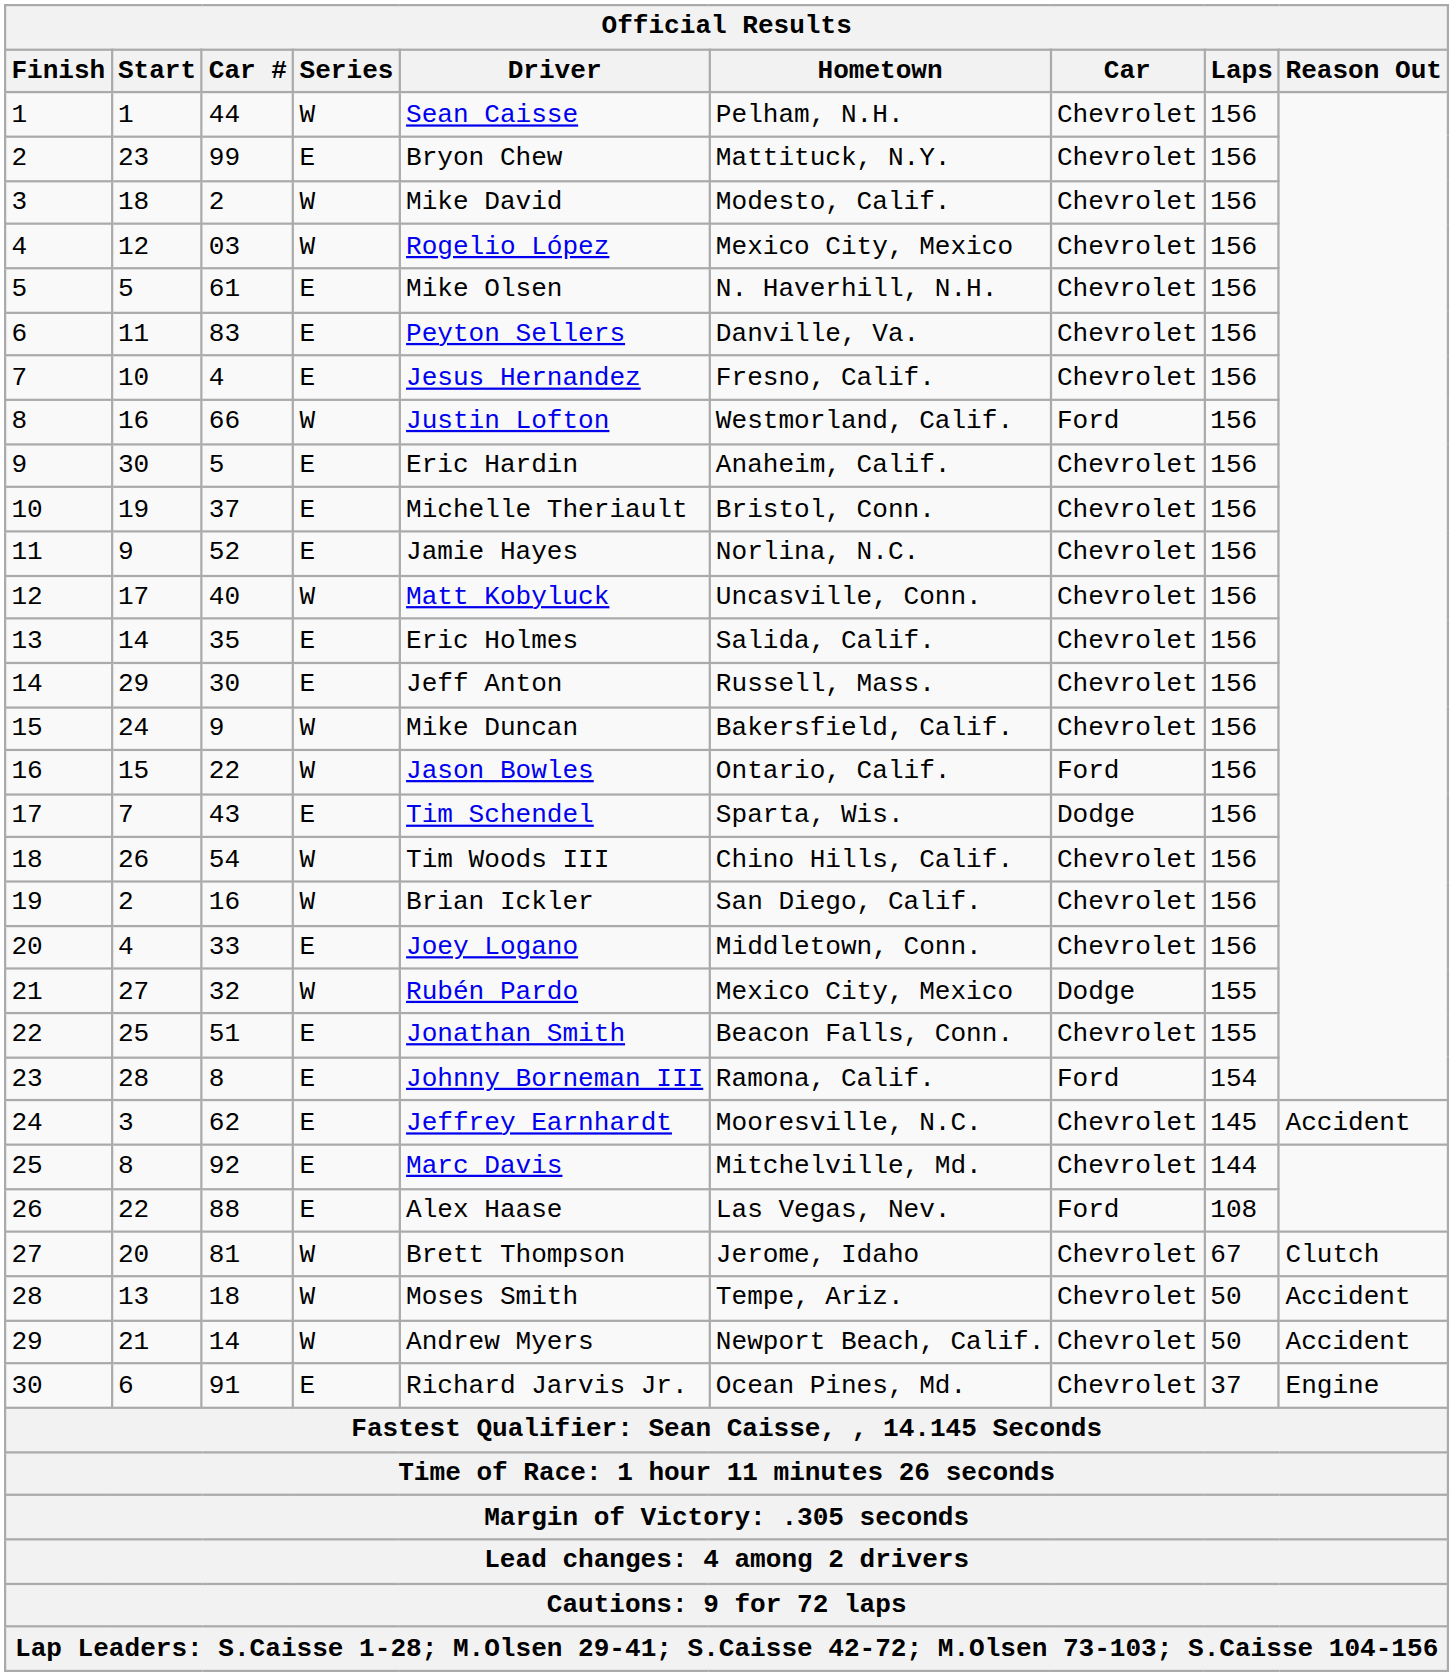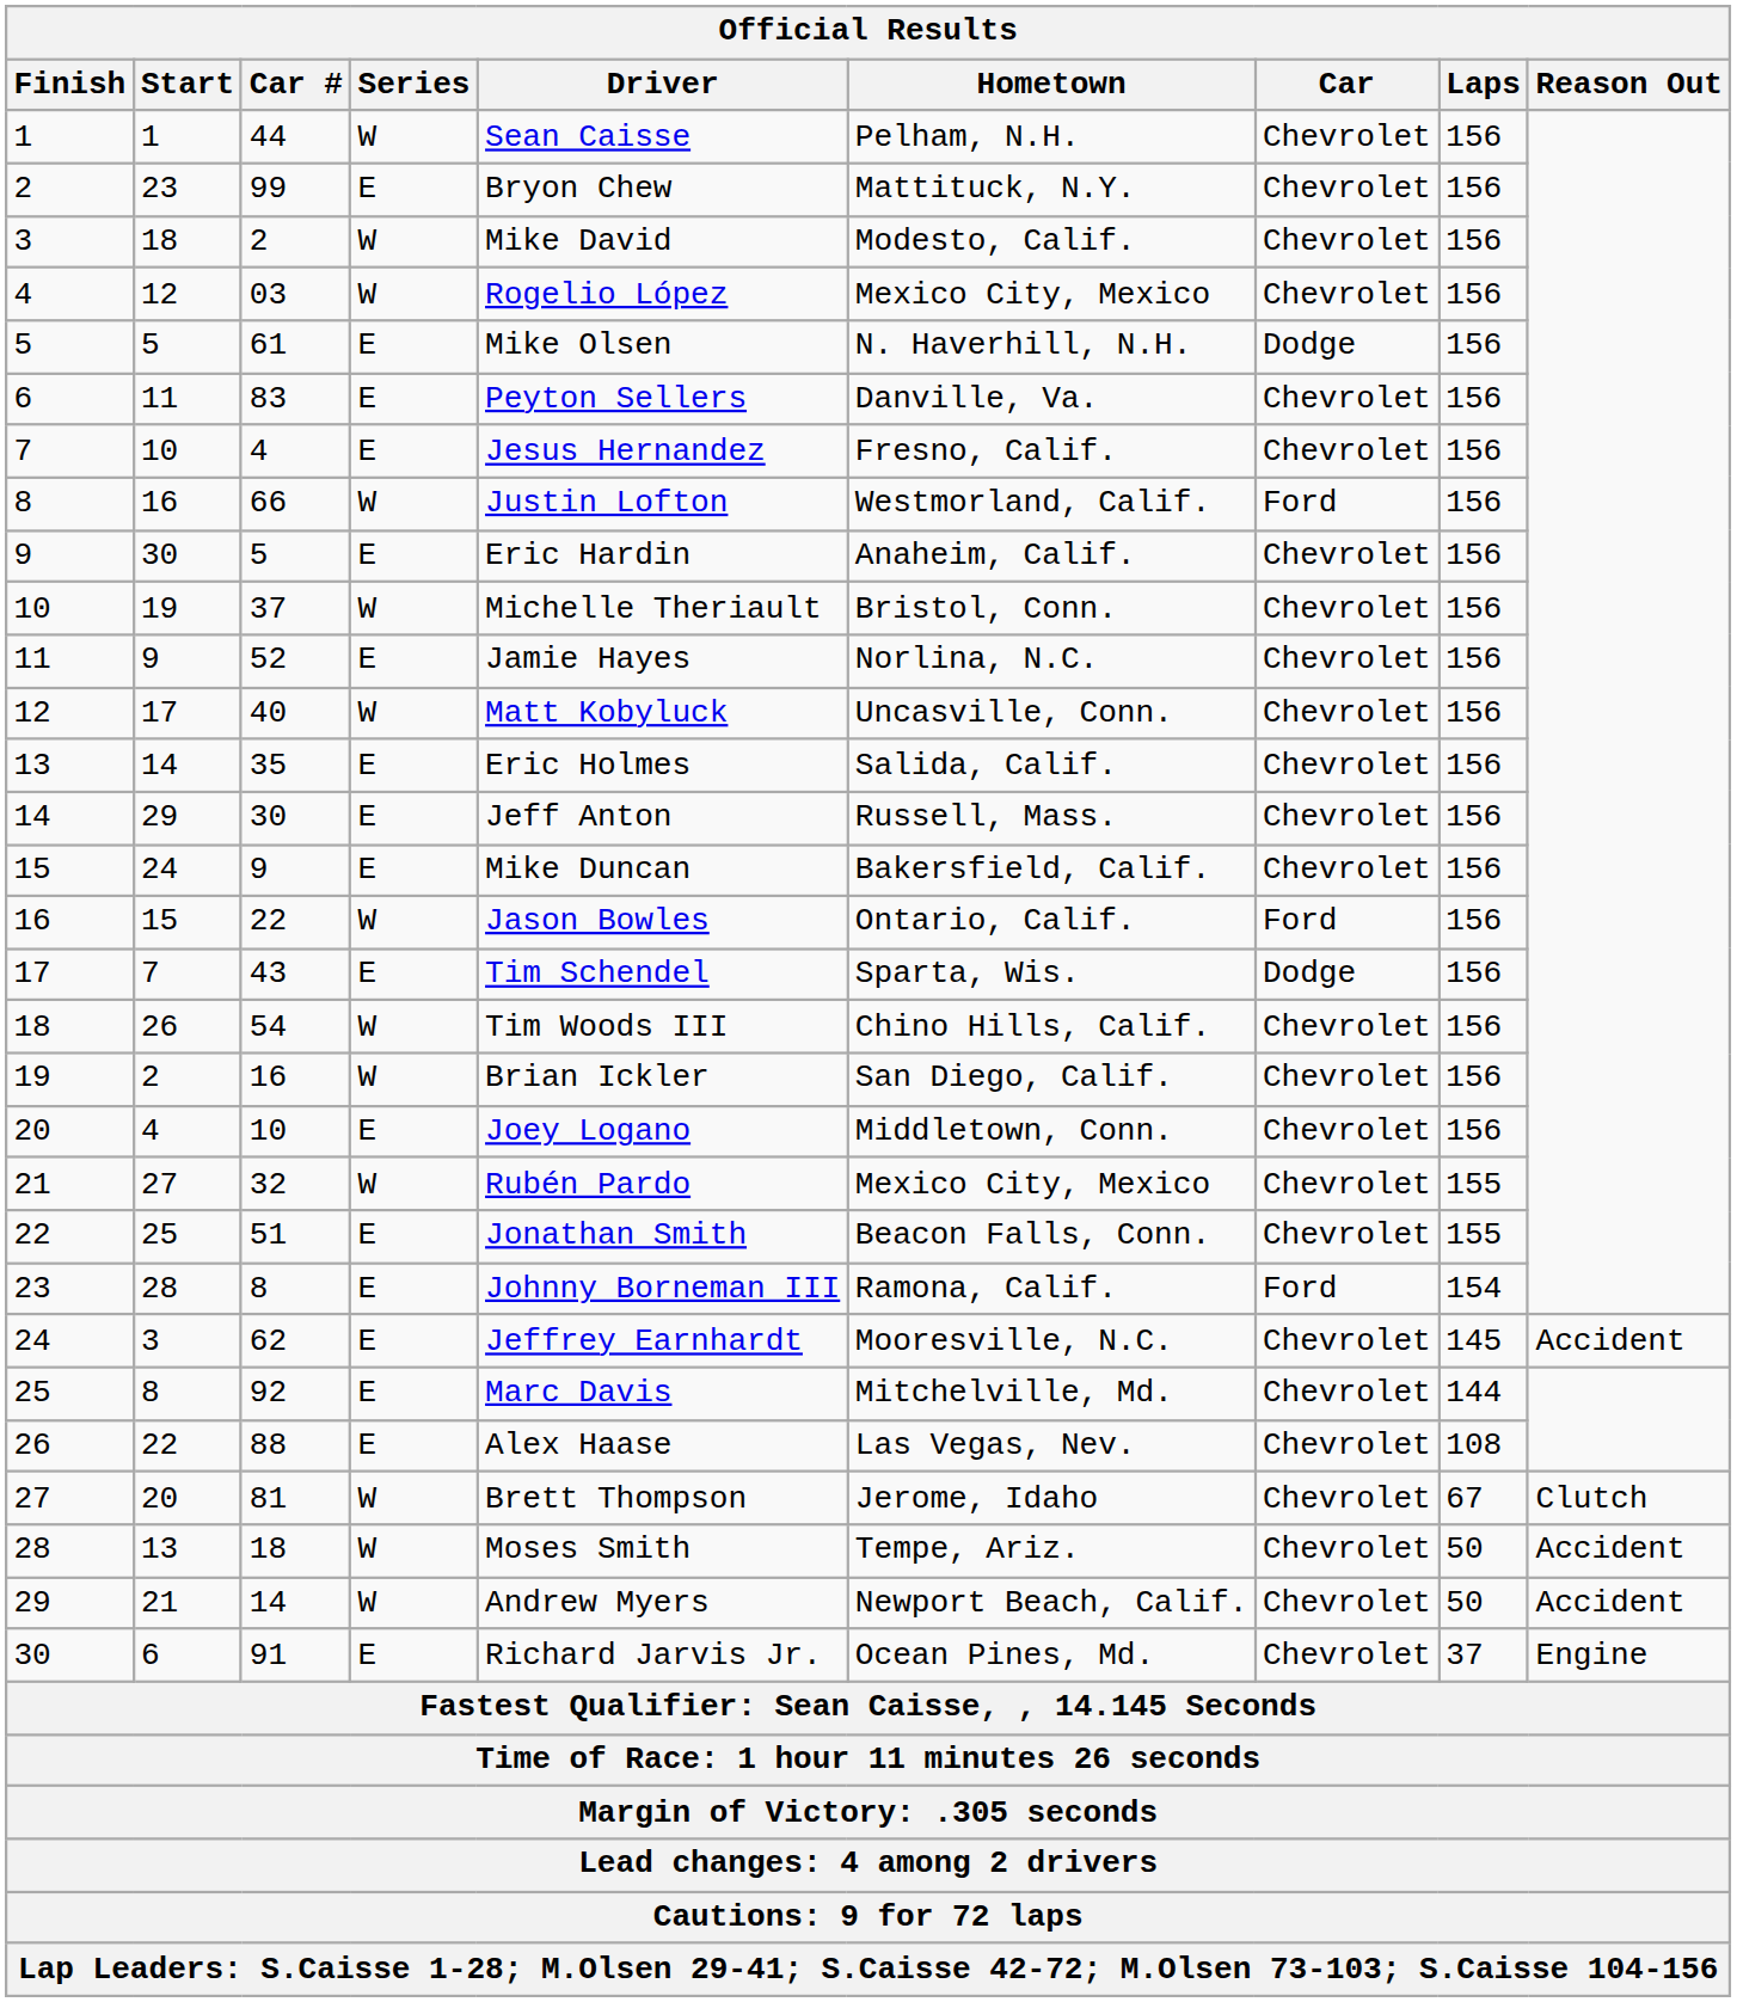 <table class="wikitable" style="font-size: 90%;">
 <tr>
 <th colspan=9>Official Results</th>
 </tr>
 <tr>
 <th>Finish</th>
 <th>Start</th>
 <th>Car #</th>
 <th>Series</th>
 <th>Driver</th>
 <th>Hometown</th>
 <th>Car</th>
 <th>Laps</th>
 <th>Reason Out</th>
 </tr>
 <tr>
 <td>1</td>
 <td>1</td>
 <td>44</td>
 <td>W</td>
 <td><a href='#'>Sean Caisse</a></td>
 <td>Pelham, N.H.</td>
 <td>Chevrolet</td>
 <td>156</td>
 </tr>
 <tr>
 <td>2</td>
 <td>23</td>
 <td>99</td>
 <td>E</td>
 <td>Bryon Chew</td>
 <td>Mattituck, N.Y.</td>
 <td>Chevrolet</td>
 <td>156</td>
 </tr>
 <tr>
 <td>3</td>
 <td>18</td>
 <td>2</td>
 <td>W</td>
 <td>Mike David</td>
 <td>Modesto, Calif.</td>
 <td>Chevrolet</td>
 <td>156</td>
 </tr>
 <tr>
 <td>4</td>
 <td>12</td>
 <td>03</td>
 <td>W</td>
 <td><a href='#'>Rogelio López</a></td>
 <td>Mexico City, Mexico</td>
 <td>Chevrolet</td>
 <td>156</td>
 </tr>
 <tr>
 <td>5</td>
 <td>5</td>
 <td>61</td>
 <td>E</td>
 <td>Mike Olsen</td>
 <td>N. Haverhill, N.H.</td>
-<td>Chevrolet</td>
+<td>Dodge</td>
 <td>156</td>
 </tr>
 <tr>
 <td>6</td>
 <td>11</td>
 <td>83</td>
 <td>E</td>
 <td><a href='#'>Peyton Sellers</a></td>
 <td>Danville, Va.</td>
 <td>Chevrolet</td>
 <td>156</td>
 </tr>
 <tr>
 <td>7</td>
 <td>10</td>
 <td>4</td>
 <td>E</td>
 <td><a href='#'>Jesus Hernandez</a></td>
 <td>Fresno, Calif.</td>
 <td>Chevrolet</td>
 <td>156</td>
 </tr>
 <tr>
 <td>8</td>
 <td>16</td>
 <td>66</td>
 <td>W</td>
 <td><a href='#'>Justin Lofton</a></td>
 <td>Westmorland, Calif.</td>
 <td>Ford</td>
 <td>156</td>
 </tr>
 <tr>
 <td>9</td>
 <td>30</td>
 <td>5</td>
 <td>E</td>
 <td>Eric Hardin</td>
 <td>Anaheim, Calif.</td>
 <td>Chevrolet</td>
 <td>156</td>
 </tr>
 <tr>
 <td>10</td>
 <td>19</td>
 <td>37</td>
-<td>E</td>
+<td>W</td>
 <td>Michelle Theriault</td>
 <td>Bristol, Conn.</td>
 <td>Chevrolet</td>
 <td>156</td>
 </tr>
 <tr>
 <td>11</td>
 <td>9</td>
 <td>52</td>
 <td>E</td>
 <td>Jamie Hayes</td>
 <td>Norlina, N.C.</td>
 <td>Chevrolet</td>
 <td>156</td>
 </tr>
 <tr>
 <td>12</td>
 <td>17</td>
 <td>40</td>
 <td>W</td>
 <td><a href='#'>Matt Kobyluck</a></td>
 <td>Uncasville, Conn.</td>
 <td>Chevrolet</td>
 <td>156</td>
 </tr>
 <tr>
 <td>13</td>
 <td>14</td>
 <td>35</td>
 <td>E</td>
 <td>Eric Holmes</td>
 <td>Salida, Calif.</td>
 <td>Chevrolet</td>
 <td>156</td>
 </tr>
 <tr>
 <td>14</td>
 <td>29</td>
 <td>30</td>
 <td>E</td>
 <td>Jeff Anton</td>
 <td>Russell, Mass.</td>
 <td>Chevrolet</td>
 <td>156</td>
 </tr>
 <tr>
 <td>15</td>
 <td>24</td>
 <td>9</td>
-<td>W</td>
+<td>E</td>
 <td>Mike Duncan</td>
 <td>Bakersfield, Calif.</td>
 <td>Chevrolet</td>
 <td>156</td>
 </tr>
 <tr>
 <td>16</td>
 <td>15</td>
 <td>22</td>
 <td>W</td>
 <td><a href='#'>Jason Bowles</a></td>
 <td>Ontario, Calif.</td>
 <td>Ford</td>
 <td>156</td>
 </tr>
 <tr>
 <td>17</td>
 <td>7</td>
 <td>43</td>
 <td>E</td>
 <td><a href='#'>Tim Schendel</a></td>
 <td>Sparta, Wis.</td>
 <td>Dodge</td>
 <td>156</td>
 </tr>
 <tr>
 <td>18</td>
 <td>26</td>
 <td>54</td>
 <td>W</td>
 <td>Tim Woods III</td>
 <td>Chino Hills, Calif.</td>
 <td>Chevrolet</td>
 <td>156</td>
 </tr>
 <tr>
 <td>19</td>
 <td>2</td>
 <td>16</td>
 <td>W</td>
 <td>Brian Ickler</td>
 <td>San Diego, Calif.</td>
 <td>Chevrolet</td>
 <td>156</td>
 </tr>
 <tr>
 <td>20</td>
 <td>4</td>
-<td>33</td>
+<td>10</td>
 <td>E</td>
 <td><a href='#'>Joey Logano</a></td>
 <td>Middletown, Conn.</td>
 <td>Chevrolet</td>
 <td>156</td>
 </tr>
 <tr>
 <td>21</td>
 <td>27</td>
 <td>32</td>
 <td>W</td>
 <td><a href='#'>Rubén Pardo</a></td>
 <td>Mexico City, Mexico</td>
-<td>Dodge</td>
+<td>Chevrolet</td>
 <td>155</td>
 </tr>
 <tr>
 <td>22</td>
 <td>25</td>
 <td>51</td>
 <td>E</td>
 <td><a href='#'>Jonathan Smith</a></td>
 <td>Beacon Falls, Conn.</td>
 <td>Chevrolet</td>
 <td>155</td>
 </tr>
 <tr>
 <td>23</td>
 <td>28</td>
 <td>8</td>
 <td>E</td>
 <td><a href='#'>Johnny Borneman III</a></td>
 <td>Ramona, Calif.</td>
 <td>Ford</td>
 <td>154</td>
 </tr>
 <tr>
 <td>24</td>
 <td>3</td>
 <td>62</td>
 <td>E</td>
 <td><a href='#'>Jeffrey Earnhardt</a></td>
 <td>Mooresville, N.C.</td>
 <td>Chevrolet</td>
 <td>145</td>
 <td>Accident</td>
 </tr>
 <tr>
 <td>25</td>
 <td>8</td>
 <td>92</td>
 <td>E</td>
 <td><a href='#'>Marc Davis</a></td>
 <td>Mitchelville, Md.</td>
 <td>Chevrolet</td>
 <td>144</td>
 </tr>
 <tr>
 <td>26</td>
 <td>22</td>
 <td>88</td>
 <td>E</td>
 <td>Alex Haase</td>
 <td>Las Vegas, Nev.</td>
-<td>Ford</td>
+<td>Chevrolet</td>
 <td>108</td>
 </tr>
 <tr>
 <td>27</td>
 <td>20</td>
 <td>81</td>
 <td>W</td>
 <td>Brett Thompson</td>
 <td>Jerome, Idaho</td>
 <td>Chevrolet</td>
 <td>67</td>
 <td>Clutch</td>
 </tr>
 <tr>
 <td>28</td>
 <td>13</td>
 <td>18</td>
 <td>W</td>
 <td>Moses Smith</td>
 <td>Tempe, Ariz.</td>
 <td>Chevrolet</td>
 <td>50</td>
 <td>Accident</td>
 </tr>
 <tr>
 <td>29</td>
 <td>21</td>
 <td>14</td>
 <td>W</td>
 <td>Andrew Myers</td>
 <td>Newport Beach, Calif.</td>
 <td>Chevrolet</td>
 <td>50</td>
 <td>Accident</td>
 </tr>
 <tr>
 <td>30</td>
 <td>6</td>
 <td>91</td>
 <td>E</td>
 <td>Richard Jarvis Jr.</td>
 <td>Ocean Pines, Md.</td>
 <td>Chevrolet</td>
 <td>37</td>
 <td>Engine</td>
 </tr>
 <tr>
 <th colspan=9>Fastest Qualifier: Sean Caisse, , 14.145 Seconds</th>
 </tr>
 <tr>
 <th colspan=9>Time of Race: 1 hour 11 minutes 26 seconds</th>
 </tr>
 <tr>
 <th colspan=9>Margin of Victory: .305 seconds</th>
 </tr>
 <tr>
 <th colspan=9>Lead changes: 4 among 2 drivers</th>
 </tr>
 <tr>
 <th colspan=9>Cautions: 9 for 72 laps</th>
 </tr>
 <tr>
 <th colspan=9>Lap Leaders: S.Caisse 1-28; M.Olsen 29-41; S.Caisse 42-72; M.Olsen 73-103; S.Caisse 104-156</th>
 </tr>
 </table>
